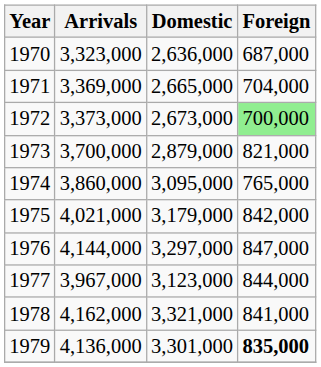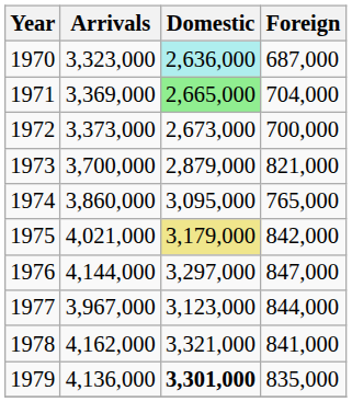 <table class="wikitable" style="display: inline-table;">
 <tr>
 <th>Year</th>
 <th>Arrivals</th>
 <th>Domestic</th>
 <th>Foreign</th>
 </tr>
 <tr ->
 <td>1970</td>
 <td>3,323,000</td>
-<td>2,636,000</td>
+<td style="background: paleturquoise;">2,636,000</td>
 <td>687,000</td>
 </tr>
 <tr ->
 <td>1971</td>
 <td>3,369,000</td>
-<td>2,665,000</td>
+<td style="background: lightgreen;">2,665,000</td>
 <td>704,000</td>
 </tr>
 <tr ->
 <td>1972</td>
 <td>3,373,000</td>
 <td>2,673,000</td>
-<td style="background: lightgreen;">700,000</td>
+<td>700,000</td>
 </tr>
 <tr ->
 <td>1973</td>
 <td>3,700,000</td>
 <td>2,879,000</td>
 <td>821,000</td>
 </tr>
 <tr ->
 <td>1974</td>
 <td>3,860,000</td>
 <td>3,095,000</td>
 <td>765,000</td>
 </tr>
 <tr ->
 <td>1975</td>
 <td>4,021,000</td>
-<td>3,179,000</td>
+<td style="background: khaki;">3,179,000</td>
 <td>842,000</td>
 </tr>
 <tr ->
 <td>1976</td>
 <td>4,144,000</td>
 <td>3,297,000</td>
 <td>847,000</td>
 </tr>
 <tr ->
 <td>1977</td>
 <td>3,967,000</td>
 <td>3,123,000</td>
 <td>844,000</td>
 </tr>
 <tr ->
 <td>1978</td>
 <td>4,162,000</td>
 <td>3,321,000</td>
 <td>841,000</td>
 </tr>
 <tr ->
 <td>1979</td>
 <td>4,136,000</td>
-<td>3,301,000</td>
-<td><strong>835,000</strong></td>
+<td><strong>3,301,000</strong></td>
+<td>835,000</td>
 </tr>
 <tr ->
 </tr>
 </table>
